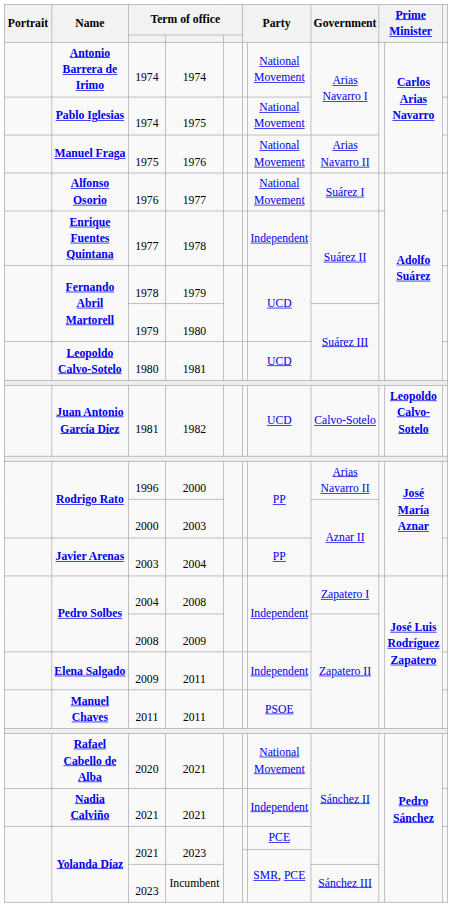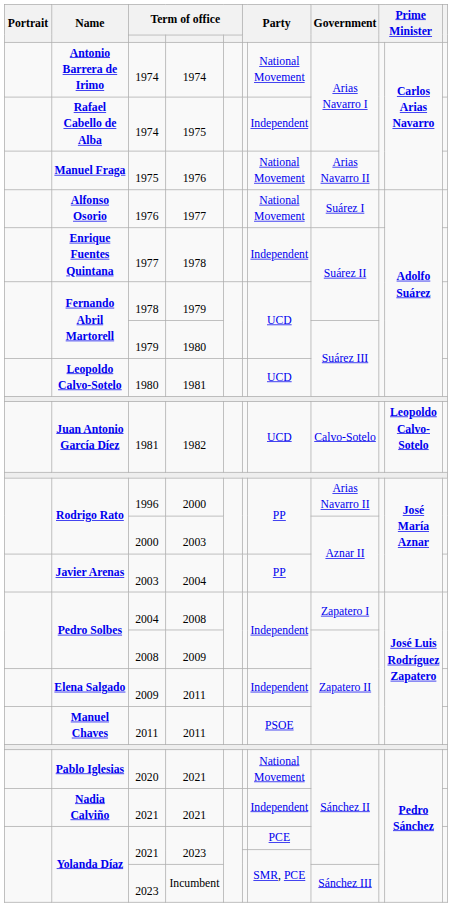 <table class="wikitable" style="line-height:1.4em; text-align:center; border:1px #aaf solid;">
 <tr>
 <th rowspan="2" width="65">Portrait</th>
 <th rowspan="2" width="210">Name<br></th>
 <th colspan="3">Term of office</th>
 <th rowspan="2" colspan="2" width="90">Party</th>
 <th rowspan="2">Government</th>
 <th rowspan="2" colspan="2"><a href='#'>Prime Minister</a><br></th>
 <th rowspan="2"></th>
 </tr>
 <tr>
 <th width="85"></th>
 <th width="85"></th>
 <th width="85"></th>
 </tr>
 <tr>
 <td></td>
 <td><strong><a href='#'>Antonio Barrera de Irimo</a></strong><br></td>
 <td class="nowrap"><br>1974</td>
 <td class="nowrap"><br>1974</td>
 <td style="font-size:95%;"></td>
 <td width="1" style="color:inherit;background:"></td>
 <td><a href='#'>National<br>Movement</a><br></td>
 <td rowspan="2"><a href='#'>Arias Navarro I</a></td>
 <td width="1" rowspan="3" style="background:"></td>
 <td rowspan="3"><strong><a href='#'>Carlos Arias Navarro</a></strong><br><br></td>
 <td align="center"><br></td>
 </tr>
 <tr>
 <td></td>
-<td><strong><a href='#'>Pablo Iglesias</a></strong><br></td>
+<td><strong><a href='#'>Rafael Cabello de Alba</a></strong><br></td>
 <td class="nowrap"><br>1974</td>
 <td class="nowrap"><br>1975</td>
 <td style="font-size:95%;"></td>
 <td style="color:inherit;background:"></td>
-<td><a href='#'>National<br>Movement</a><br></td>
+<td><a href='#'>Independent</a></td>
 <td align="center"><br></td>
 </tr>
 <tr>
 <td></td>
 <td><strong><a href='#'>Manuel Fraga</a></strong><br></td>
 <td class="nowrap"><br>1975</td>
 <td class="nowrap"><br>1976</td>
 <td style="font-size:95%;"></td>
 <td style="color:inherit;background:"></td>
 <td><a href='#'>National<br>Movement<br></a></td>
 <td><a href='#'>Arias Navarro II</a></td>
 <td align="center"></td>
 </tr>
 <tr>
 <td></td>
 <td><strong><a href='#'>Alfonso Osorio</a></strong><br></td>
 <td class="nowrap"><br>1976</td>
 <td class="nowrap"><br>1977</td>
 <td style="font-size:95%;"></td>
 <td style="color:inherit;background:"></td>
 <td><a href='#'>National<br>Movement</a><br></td>
 <td><a href='#'>Suárez I</a></td>
 <td style="color:inherit;background:"></td>
 <td rowspan="5"><strong><a href='#'>Adolfo Suárez</a></strong><br><br></td>
 <td align="center"><br></td>
 </tr>
 <tr>
 <td></td>
 <td><strong><a href='#'>Enrique Fuentes Quintana</a></strong><br></td>
 <td class="nowrap"><br>1977</td>
 <td class="nowrap"><br>1978</td>
 <td style="font-size:95%;"></td>
 <td style="color:inherit;background:"></td>
 <td><a href='#'>Independent</a></td>
 <td rowspan="2"><a href='#'>Suárez II</a></td>
 <td rowspan="4" style="color:inherit;background:"></td>
 <td align="center"><br></td>
 </tr>
 <tr>
 <td rowspan="2"></td>
 <td rowspan="2"><strong><a href='#'>Fernando Abril Martorell</a></strong><br></td>
 <td class="nowrap"><br>1978</td>
 <td class="nowrap"><br>1979</td>
 <td rowspan="2" style="font-size:95%;"></td>
 <td rowspan="2" style="color:inherit;background:"></td>
 <td rowspan="2"><a href='#'>UCD</a></td>
 <td rowspan="2" align="center"><br><br></td>
 </tr>
 <tr>
 <td class="nowrap"><br>1979</td>
 <td class="nowrap"><br>1980</td>
 <td rowspan="2"><a href='#'>Suárez III</a></td>
 </tr>
 <tr>
 <td></td>
 <td><strong><a href='#'>Leopoldo Calvo-Sotelo</a></strong><br></td>
 <td class="nowrap"><br>1980</td>
 <td class="nowrap"><br>1981</td>
 <td style="font-size:95%;"></td>
 <td style="color:inherit;background:"></td>
 <td><a href='#'>UCD</a></td>
 <td align="center"><br></td>
 </tr>
 <tr>
 <td colspan="11" style="background:#EEEEEE;"></td>
 </tr>
 <tr>
 <td></td>
 <td><strong><a href='#'>Juan Antonio García Díez</a></strong><br></td>
 <td class="nowrap"><br>1981</td>
 <td class="nowrap"><br>1982</td>
 <td style="font-size:95%;"></td>
 <td style="color:inherit;background:"></td>
 <td><a href='#'>UCD</a></td>
 <td><a href='#'>Calvo-Sotelo</a></td>
 <td style="color:inherit;background:"></td>
 <td><strong><a href='#'>Leopoldo Calvo-Sotelo</a></strong><br><br></td>
 <td align="center"></td>
 </tr>
 <tr>
 <td colspan="11" style="background:#EEEEEE;"></td>
 </tr>
 <tr>
 <td rowspan="2"></td>
 <td rowspan="2"><strong><a href='#'>Rodrigo Rato</a></strong><br></td>
 <td class="nowrap"><br>1996</td>
 <td class="nowrap"><br>2000</td>
 <td rowspan="2" style="font-size:95%;"></td>
 <td rowspan="2" style="color:inherit;background:"></td>
 <td rowspan="2"><a href='#'>PP</a></td>
 <td><a href='#'>Arias Navarro II</a></td>
 <td rowspan="3" style="color:inherit;background:"></td>
 <td rowspan="3"><strong><a href='#'>José María Aznar</a></strong><br><br></td>
 <td rowspan="2" align="center"><br><br></td>
 </tr>
 <tr>
 <td class="nowrap"><br>2000</td>
 <td class="nowrap"><br>2003</td>
 <td rowspan="2"><a href='#'>Aznar II</a></td>
 </tr>
 <tr>
 <td></td>
 <td><strong><a href='#'>Javier Arenas</a></strong><br></td>
 <td class="nowrap"><br>2003</td>
 <td class="nowrap"><br>2004</td>
 <td style="font-size:95%;"></td>
 <td style="color:inherit;background:"></td>
 <td><a href='#'>PP</a></td>
 <td align="center"><br></td>
 </tr>
 <tr>
 <td rowspan="2"></td>
 <td rowspan="2"><strong><a href='#'>Pedro Solbes</a></strong><br></td>
 <td class="nowrap"><br>2004</td>
 <td class="nowrap"><br>2008</td>
 <td rowspan="2" style="font-size:95%;"></td>
 <td rowspan="2" style="color:inherit;background:"></td>
 <td rowspan="2"><a href='#'>Independent</a></td>
 <td><a href='#'>Zapatero I</a></td>
 <td rowspan="4" style="color:inherit;background:"></td>
 <td rowspan="4"><strong><a href='#'>José Luis<br>Rodríguez Zapatero</a></strong><br><br></td>
 <td rowspan="2" align="center"><br><br></td>
 </tr>
 <tr>
 <td class="nowrap"><br>2008</td>
 <td class="nowrap"><br>2009</td>
 <td rowspan="3"><a href='#'>Zapatero II</a></td>
 </tr>
 <tr>
 <td></td>
 <td><strong><a href='#'>Elena Salgado</a></strong><br></td>
 <td class="nowrap"><br>2009</td>
 <td class="nowrap"><br>2011</td>
 <td style="font-size:95%;"></td>
 <td style="color:inherit;background:"></td>
 <td><a href='#'>Independent</a></td>
 <td align="center"><br></td>
 </tr>
 <tr>
 <td></td>
 <td><strong><a href='#'>Manuel Chaves</a></strong><br></td>
 <td class="nowrap"><br>2011</td>
 <td class="nowrap"><br>2011</td>
 <td style="font-size:95%;"></td>
 <td style="color:inherit;background:"></td>
 <td><a href='#'>PSOE</a></td>
 <td align="center"><br></td>
 </tr>
 <tr>
 <td colspan="11" style="background:#EEEEEE;"></td>
 </tr>
 <tr>
 <td></td>
-<td><strong><a href='#'>Rafael Cabello de Alba</a></strong><br></td>
+<td><strong><a href='#'>Pablo Iglesias</a></strong><br></td>
 <td class="nowrap"><br>2020</td>
 <td class="nowrap"><br>2021</td>
 <td style="font-size:95%;"></td>
 <td style="color:inherit;background:"></td>
 <td><a href='#'>National<br>Movement<br></a></td>
 <td rowspan="4"><a href='#'>Sánchez II</a></td>
 <td rowspan="5" style="color:inherit;background:"></td>
 <td rowspan="5"><strong><a href='#'>Pedro Sánchez</a></strong><br><br></td>
 <td align="center"><br></td>
 </tr>
 <tr>
 <td></td>
 <td><strong><a href='#'>Nadia Calviño</a></strong><br></td>
 <td class="nowrap"><br>2021</td>
 <td class="nowrap"><br>2021</td>
 <td style="font-size:95%;"></td>
 <td style="color:inherit;background-color:"></td>
 <td><a href='#'>Independent</a></td>
 <td align="center"><br></td>
 </tr>
 <tr>
 <td rowspan="3"></td>
 <td rowspan="3"><strong><a href='#'>Yolanda Díaz</a></strong><br></td>
 <td rowspan="2" class="nowrap"><br>2021</td>
 <td rowspan="2" class="nowrap"><br>2023</td>
 <td rowspan="3" style="font-size:95%;"></td>
 <td style="color:inherit;background-color:"></td>
 <td height="25"><a href='#'>PCE</a></td>
 <td rowspan="3" align="center"><br></td>
 </tr>
 <tr>
 <td rowspan="2" style="color:inherit;background-color:"></td>
 <td rowspan="2"><a href='#'>SMR</a>, <a href='#'>PCE</a></td>
 </tr>
 <tr>
 <td class="nowrap"><br>2023</td>
 <td class="nowrap">Incumbent</td>
 <td><a href='#'>Sánchez III</a></td>
 </tr>
 </table>
